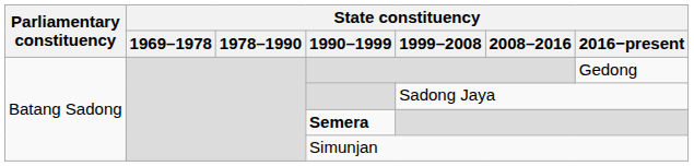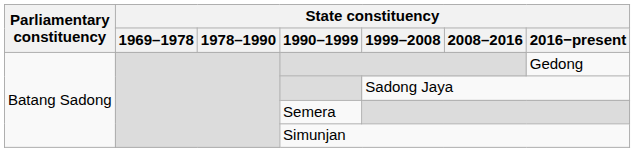 <table class="wikitable">
 <tr>
 <th rowspan="2">Parliamentary<br>constituency</th>
 <th colspan="6">State constituency</th>
 </tr>
 <tr>
 <th>1969–1978</th>
 <th>1978–1990</th>
 <th>1990–1999</th>
 <th>1999–2008</th>
 <th>2008–2016</th>
 <th>2016−present</th>
 </tr>
 <tr>
 <td rowspan="4">Batang Sadong</td>
 <td colspan="2" rowspan="4" bgcolor="dcdcdc"></td>
 <td colspan="3" bgcolor="dcdcdc"></td>
 <td>Gedong</td>
 </tr>
 <tr>
 <td bgcolor="dcdcdc"></td>
 <td colspan="3">Sadong Jaya</td>
 </tr>
 <tr>
-<td><strong>Semera</strong></td>
+<td>Semera</td>
 <td colspan="3" bgcolor="dcdcdc"></td>
 </tr>
 <tr>
 <td colspan="4">Simunjan</td>
 </tr>
 </table>
